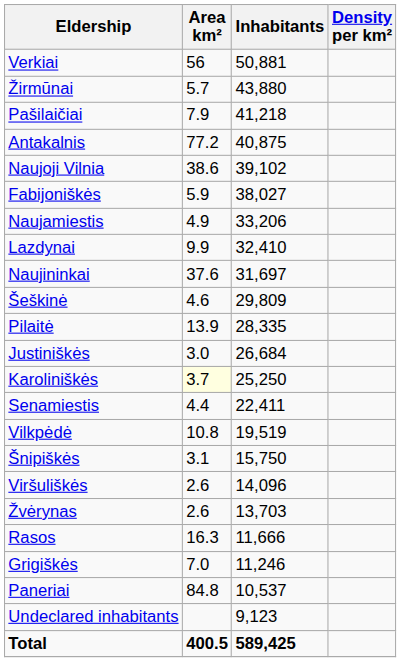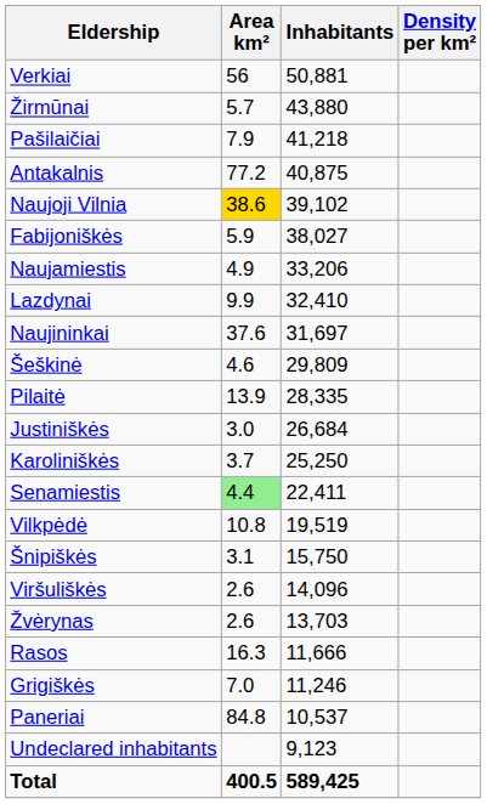 <table class="sortable wikitable">
 <tr>
 <th>Eldership</th>
 <th>Area<br> km²</th>
 <th>Inhabitants</th>
 <th><a href='#'>Density</a><br> per km²</th>
 </tr>
 <tr>
 <td><a href='#'>Verkiai</a></td>
 <td>56</td>
 <td>50,881</td>
 <td></td>
 </tr>
 <tr>
 <td><a href='#'>Žirmūnai</a></td>
 <td>5.7</td>
 <td>43,880</td>
 <td></td>
 </tr>
 <tr>
 <td><a href='#'>Pašilaičiai</a></td>
 <td>7.9</td>
 <td>41,218</td>
 <td></td>
 </tr>
 <tr>
 <td><a href='#'>Antakalnis</a></td>
 <td>77.2</td>
 <td>40,875</td>
 <td></td>
 </tr>
 <tr>
 <td><a href='#'>Naujoji Vilnia</a></td>
-<td>38.6</td>
+<td style="background: gold;">38.6</td>
 <td>39,102</td>
 <td></td>
 </tr>
 <tr>
 <td><a href='#'>Fabijoniškės</a></td>
 <td>5.9</td>
 <td>38,027</td>
 <td></td>
 </tr>
 <tr>
 <td><a href='#'>Naujamiestis</a></td>
 <td>4.9</td>
 <td>33,206</td>
 <td></td>
 </tr>
 <tr>
 <td><a href='#'>Lazdynai</a></td>
 <td>9.9</td>
 <td>32,410</td>
 <td></td>
 </tr>
 <tr>
 <td><a href='#'>Naujininkai</a></td>
 <td>37.6</td>
 <td>31,697</td>
 <td></td>
 </tr>
 <tr>
 <td><a href='#'>Šeškinė</a></td>
 <td>4.6</td>
 <td>29,809</td>
 <td></td>
 </tr>
 <tr>
 <td><a href='#'>Pilaitė</a></td>
 <td>13.9</td>
 <td>28,335</td>
 <td></td>
 </tr>
 <tr>
 <td><a href='#'>Justiniškės</a></td>
 <td>3.0</td>
 <td>26,684</td>
 <td></td>
 </tr>
 <tr>
 <td><a href='#'>Karoliniškės</a></td>
-<td style="background: lightyellow;">3.7</td>
+<td>3.7</td>
 <td>25,250</td>
 <td></td>
 </tr>
 <tr>
 <td><a href='#'>Senamiestis</a></td>
-<td>4.4</td>
+<td style="background: lightgreen;">4.4</td>
 <td>22,411</td>
 <td></td>
 </tr>
 <tr>
 <td><a href='#'>Vilkpėdė</a></td>
 <td>10.8</td>
 <td>19,519</td>
 <td></td>
 </tr>
 <tr>
 <td><a href='#'>Šnipiškės</a></td>
 <td>3.1</td>
 <td>15,750</td>
 <td></td>
 </tr>
 <tr>
 <td><a href='#'>Viršuliškės</a></td>
 <td>2.6</td>
 <td>14,096</td>
 <td></td>
 </tr>
 <tr>
 <td><a href='#'>Žvėrynas</a></td>
 <td>2.6</td>
 <td>13,703</td>
 <td></td>
 </tr>
 <tr>
 <td><a href='#'>Rasos</a></td>
 <td>16.3</td>
 <td>11,666</td>
 <td></td>
 </tr>
 <tr>
 <td><a href='#'>Grigiškės</a></td>
 <td>7.0</td>
 <td>11,246</td>
 <td></td>
 </tr>
 <tr>
 <td><a href='#'>Paneriai</a></td>
 <td>84.8</td>
 <td>10,537</td>
 <td></td>
 </tr>
 <tr>
 <td><a href='#'>Undeclared inhabitants</a></td>
 <td></td>
 <td>9,123</td>
 <td></td>
 </tr>
 <tr>
 <td><strong>Total</strong></td>
 <td><strong>400.5</strong></td>
 <td><strong>589,425</strong></td>
 <td><strong></strong></td>
 </tr>
 <tr>
 </tr>
 </table>
